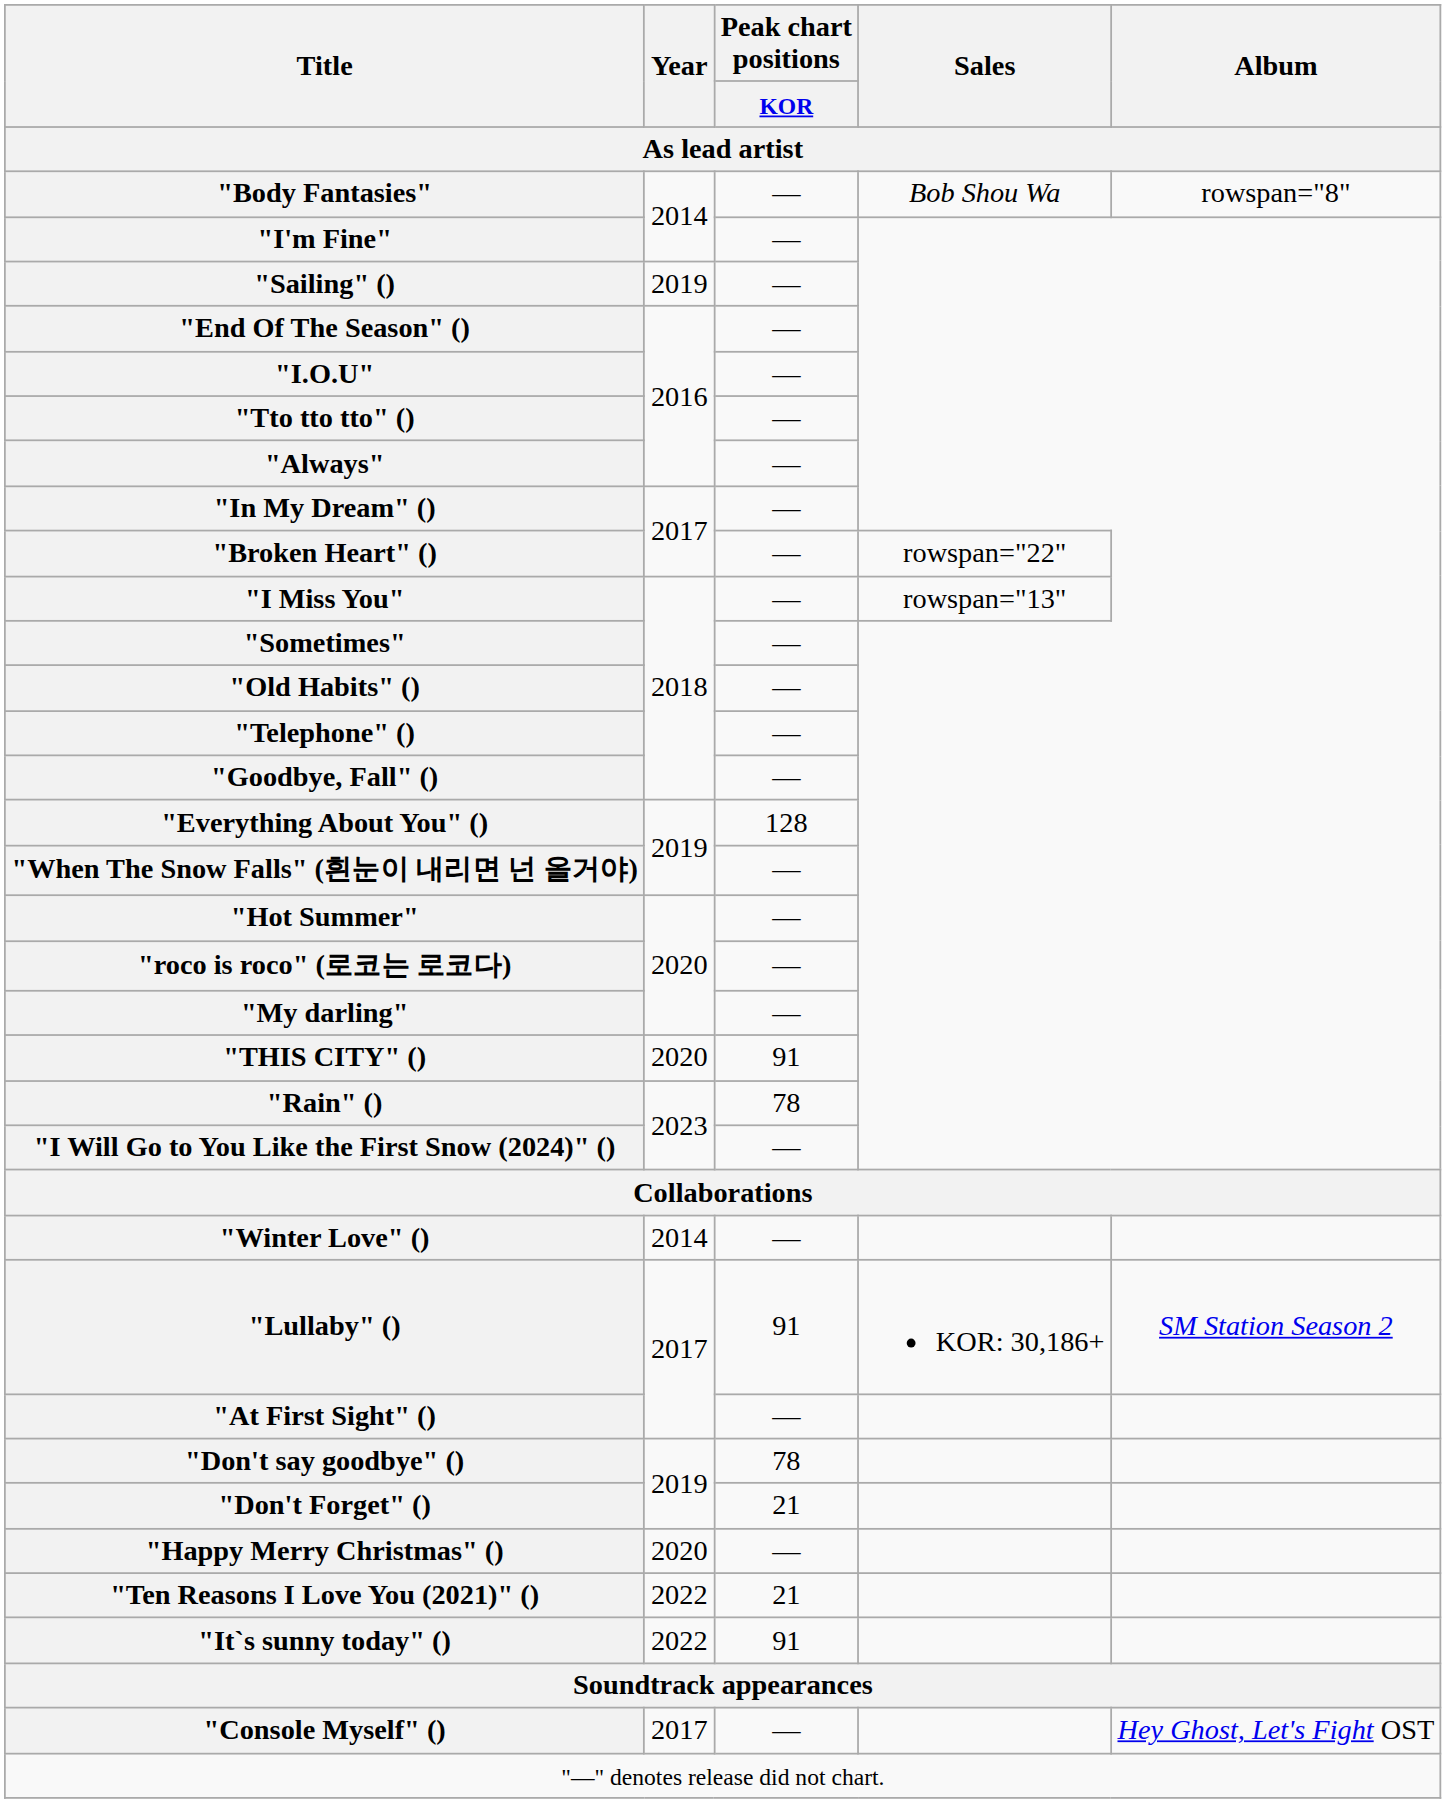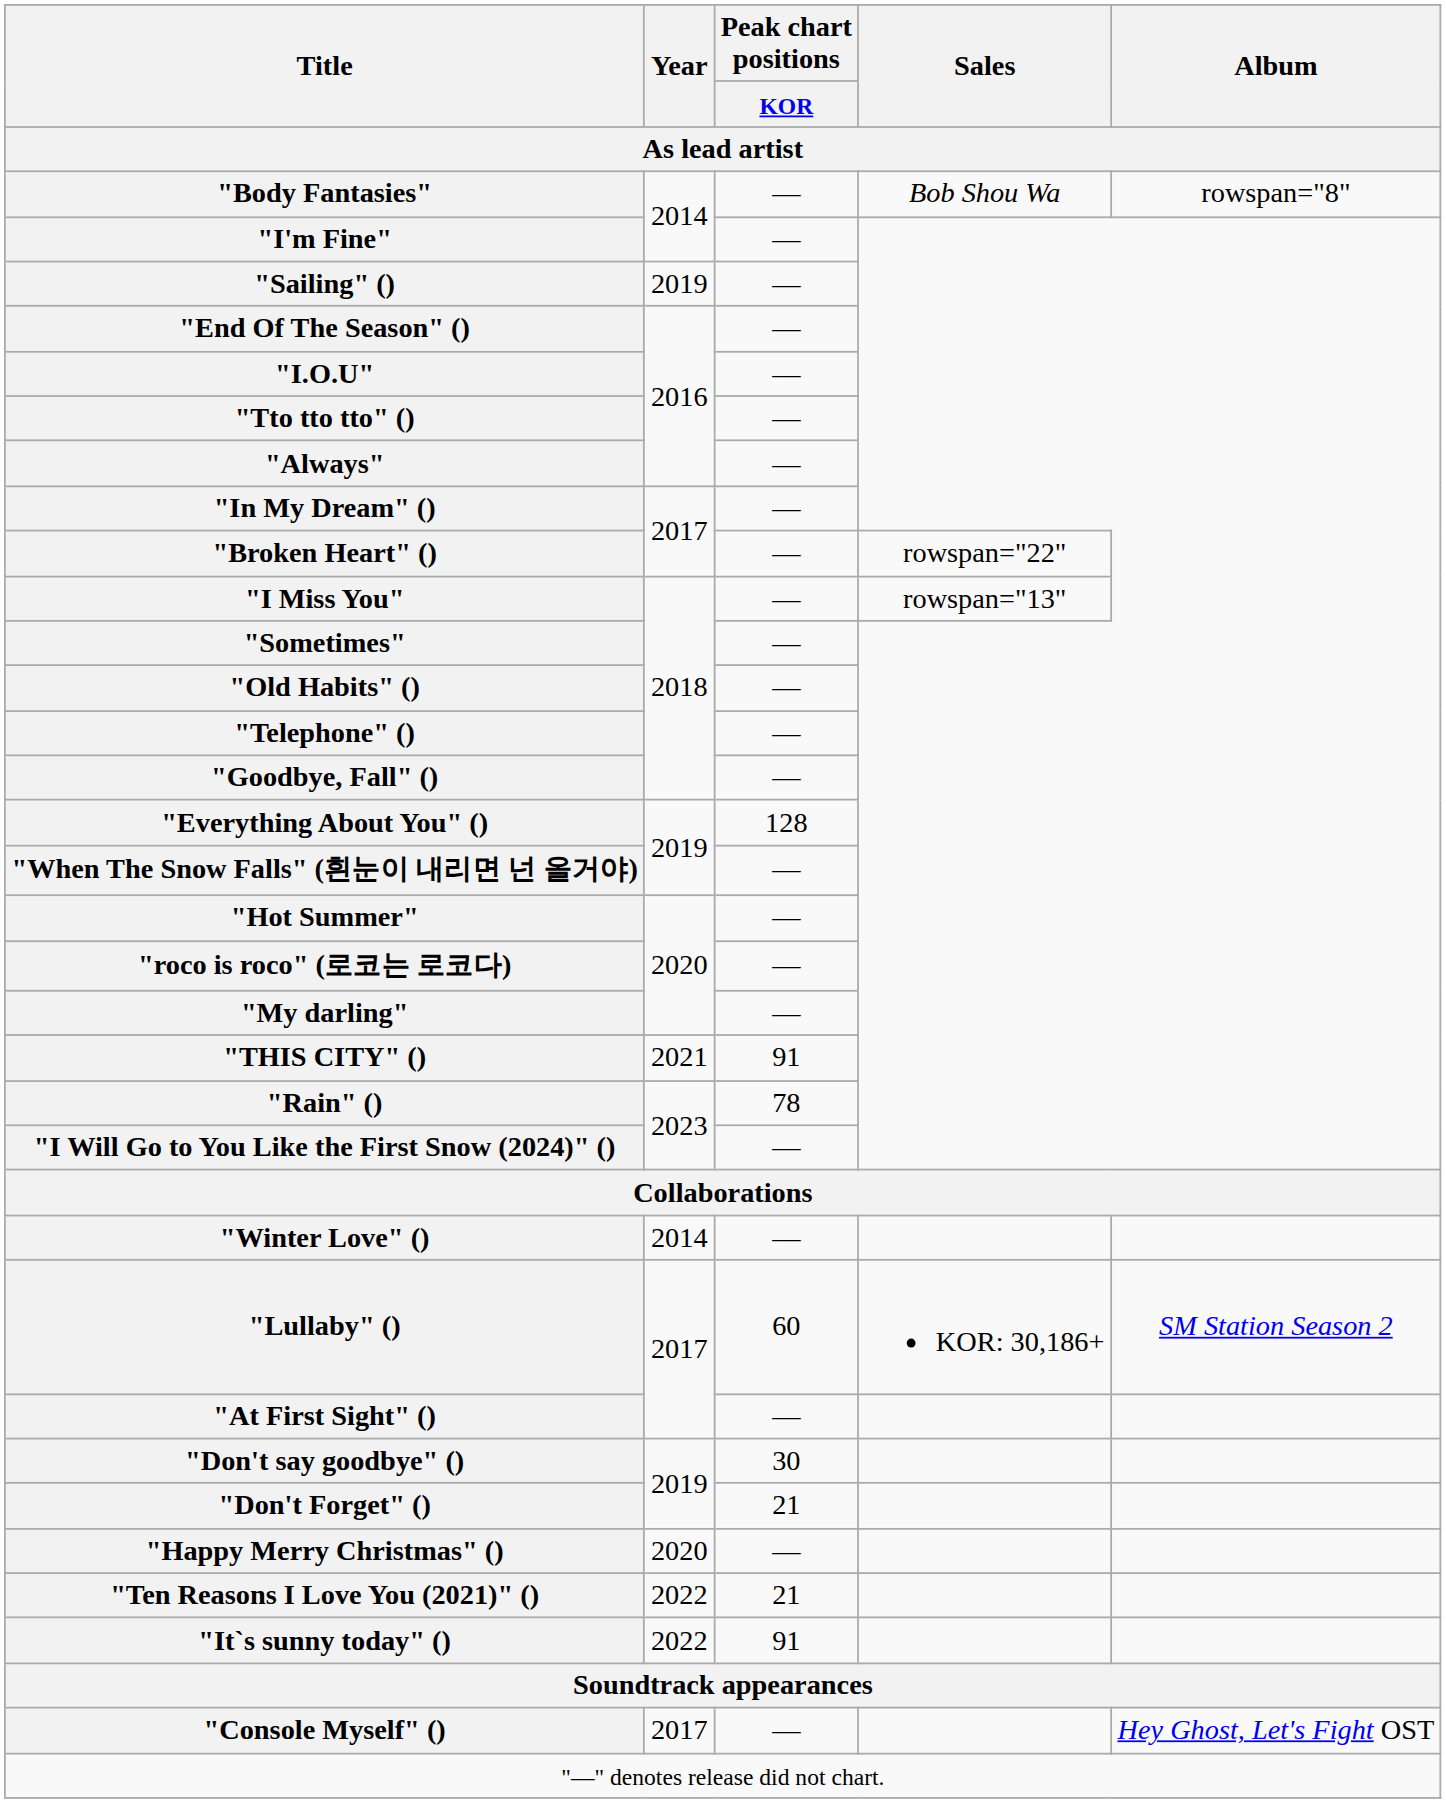 <table class="wikitable plainrowheaders" style="text-align:center;">
 <tr>
 <th scope="col" rowspan="2">Title</th>
 <th scope="col" rowspan="2">Year</th>
 <th scope="col" colspan="1">Peak chart <br> positions</th>
 <th scope="col" rowspan="2">Sales</th>
 <th scope="col" rowspan="2">Album</th>
 </tr>
 <tr>
 <th><small><a href='#'>KOR</a></small><br></th>
 </tr>
 <tr>
 <th scope="col" colspan="5">As lead artist</th>
 </tr>
 <tr>
 <th scope="row">"Body Fantasies"</th>
 <td rowspan="2">2014</td>
 <td>—</td>
 <td><em>Bob Shou Wa</em></td>
 <td>rowspan="8" </td>
 </tr>
 <tr>
 <th scope="row">"I'm Fine"<br></th>
 <td>—</td>
 </tr>
 <tr>
 <th scope="row">"Sailing" ()</th>
 <td>2019</td>
 <td>—</td>
 </tr>
 <tr>
 <th scope="row">"End Of The Season" ()</th>
 <td rowspan="4">2016</td>
 <td>—</td>
 </tr>
 <tr>
 <th scope="row">"I.O.U"</th>
 <td>—</td>
 </tr>
 <tr>
 <th scope="row">"Tto tto tto" ()</th>
 <td>—</td>
 </tr>
 <tr>
 <th scope="row">"Always"</th>
 <td>—</td>
 </tr>
 <tr>
 <th scope="row">"In My Dream" ()</th>
 <td rowspan="2">2017</td>
 <td>—</td>
 </tr>
 <tr>
 <th scope="row">"Broken Heart" ()</th>
 <td>—</td>
 <td>rowspan="22" </td>
 </tr>
 <tr>
 <th scope="row">"I Miss You"</th>
 <td rowspan="5">2018</td>
 <td>—</td>
 <td>rowspan="13" </td>
 </tr>
 <tr>
 <th scope="row">"Sometimes"</th>
 <td>—</td>
 </tr>
 <tr>
 <th scope="row">"Old Habits" ()</th>
 <td>—</td>
 </tr>
 <tr>
 <th scope="row">"Telephone" ()<br></th>
 <td>—</td>
 </tr>
 <tr>
 <th scope="row">"Goodbye, Fall" ()</th>
 <td>—</td>
 </tr>
 <tr>
 <th scope="row">"Everything About You" ()</th>
 <td rowspan="2">2019</td>
 <td>128</td>
 </tr>
 <tr>
 <th ! scope="row">"When The Snow Falls" (흰눈이 내리면 넌 올거야)</th>
 <td>—</td>
 </tr>
 <tr>
 <th scope="row">"Hot Summer"</th>
 <td rowspan="3">2020</td>
 <td>—</td>
 </tr>
 <tr>
 <th ! scope="row">"roco is roco" (로코는 로코다)</th>
 <td>—</td>
 </tr>
 <tr>
 <th ! scope="row">"My darling"</th>
 <td>—</td>
 </tr>
 <tr>
 <th scope="row">"THIS CITY" ()</th>
-<td>2020</td>
+<td>2021</td>
 <td>91</td>
 </tr>
 <tr>
 <th scope="row">"Rain" ()</th>
 <td rowspan="2">2023</td>
 <td>78</td>
 </tr>
 <tr>
 <th ! scope="row">"I Will Go to You Like the First Snow (2024)" ()</th>
 <td>—</td>
 </tr>
 <tr>
 <th scope="col" colspan="5">Collaborations</th>
 </tr>
 <tr>
 <th scope="row">"Winter Love" ()<br></th>
 <td>2014</td>
 <td>—</td>
 <td></td>
 <td></td>
 </tr>
 <tr>
 <th scope="row">"Lullaby" ()<br></th>
 <td rowspan="2">2017</td>
-<td>91</td>
+<td>60</td>
 <td><br><ul><li>KOR: 30,186+</li></ul></td>
 <td><em><a href='#'>SM Station Season 2</a></em></td>
 </tr>
 <tr>
 <th scope="row">"At First Sight" ()<br></th>
 <td>—</td>
 <td></td>
 <td></td>
 </tr>
 <tr>
 <th scope="row">"Don't say goodbye" ()<br></th>
 <td rowspan="2">2019</td>
-<td>78</td>
+<td>30</td>
 <td></td>
 <td></td>
 </tr>
 <tr>
 <th scope="row">"Don't Forget" ()<br></th>
 <td>21</td>
 <td></td>
 <td></td>
 </tr>
 <tr>
 <th scope="row">"Happy Merry Christmas" ()<br></th>
 <td>2020</td>
 <td>—</td>
 <td></td>
 <td></td>
 </tr>
 <tr>
 <th scope="row">"Ten Reasons I Love You (2021)" ()<br></th>
 <td>2022</td>
 <td>21</td>
 <td></td>
 <td></td>
 </tr>
 <tr>
 <th scope="row">"It`s sunny today" ()<br></th>
 <td>2022</td>
 <td>91</td>
 <td></td>
 <td></td>
 </tr>
 <tr>
 <th scope="col" colspan="5">Soundtrack appearances</th>
 </tr>
 <tr>
 <th scope="row">"Console Myself" ()</th>
 <td>2017</td>
 <td>—</td>
 <td></td>
 <td><em><a href='#'>Hey Ghost, Let's Fight</a></em> OST</td>
 </tr>
 <tr>
 <td colspan="5" align="center"><small>"—" denotes release did not chart.</small></td>
 </tr>
 </table>
